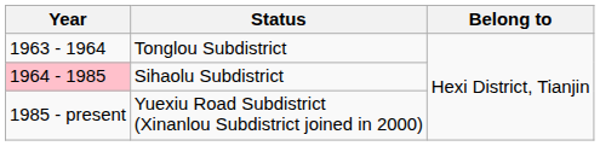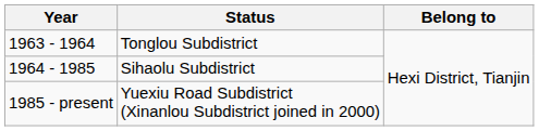 <table class="wikitable">
 <tr>
 <th>Year</th>
 <th>Status</th>
 <th>Belong to</th>
 </tr>
 <tr>
 <td>1963 - 1964</td>
 <td>Tonglou Subdistrict</td>
 <td rowspan="3">Hexi District, Tianjin</td>
 </tr>
 <tr>
-<td style="background: pink;">1964 - 1985</td>
+<td>1964 - 1985</td>
 <td>Sihaolu Subdistrict</td>
 </tr>
 <tr>
 <td>1985 - present</td>
 <td>Yuexiu Road Subdistrict<br>(Xinanlou Subdistrict joined in 2000)</td>
 </tr>
 </table>
